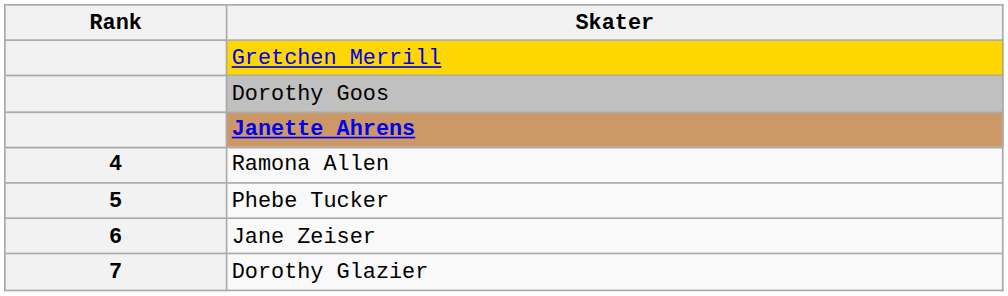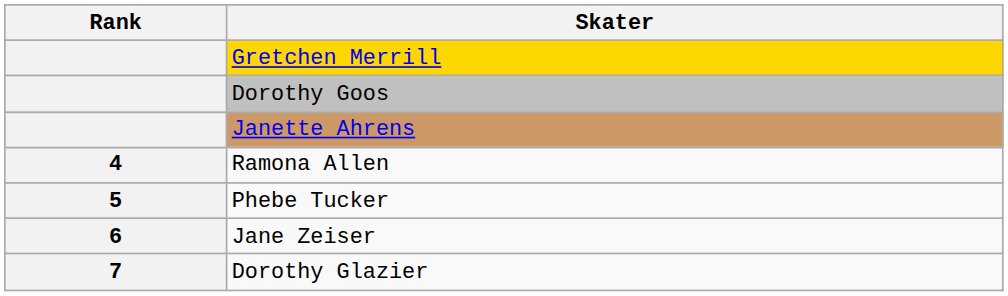 <table class="wikitable unsortable" style="text-align:left; width:30%">
 <tr>
 <th scope="col">Rank</th>
 <th scope="col">Skater</th>
 </tr>
 <tr bgcolor="gold">
 <th scope="row"></th>
 <td><a href='#'>Gretchen Merrill</a></td>
 </tr>
 <tr bgcolor="silver">
 <th scope="row"></th>
 <td>Dorothy Goos</td>
 </tr>
 <tr bgcolor="cc9966">
 <th scope="row"></th>
-<td><strong><a href='#'>Janette Ahrens</a></strong></td>
+<td><a href='#'>Janette Ahrens</a></td>
 </tr>
 <tr>
 <th scope="row">4</th>
 <td>Ramona Allen</td>
 </tr>
 <tr>
 <th scope="row">5</th>
 <td>Phebe Tucker</td>
 </tr>
 <tr>
 <th scope="row">6</th>
 <td>Jane Zeiser</td>
 </tr>
 <tr>
 <th scope="row">7</th>
 <td>Dorothy Glazier</td>
 </tr>
 </table>
